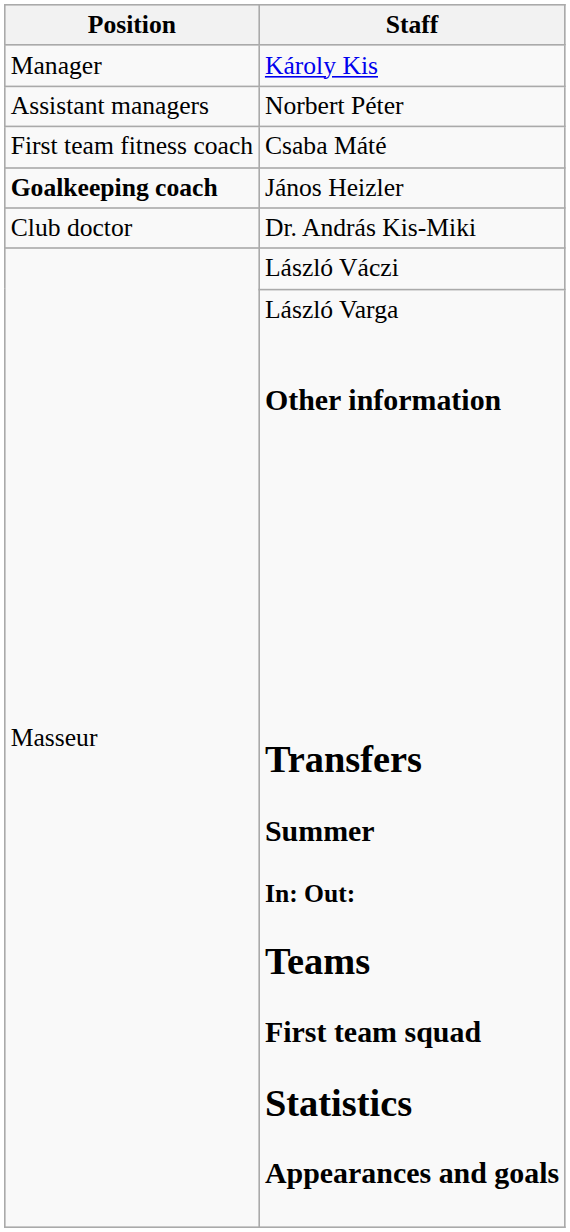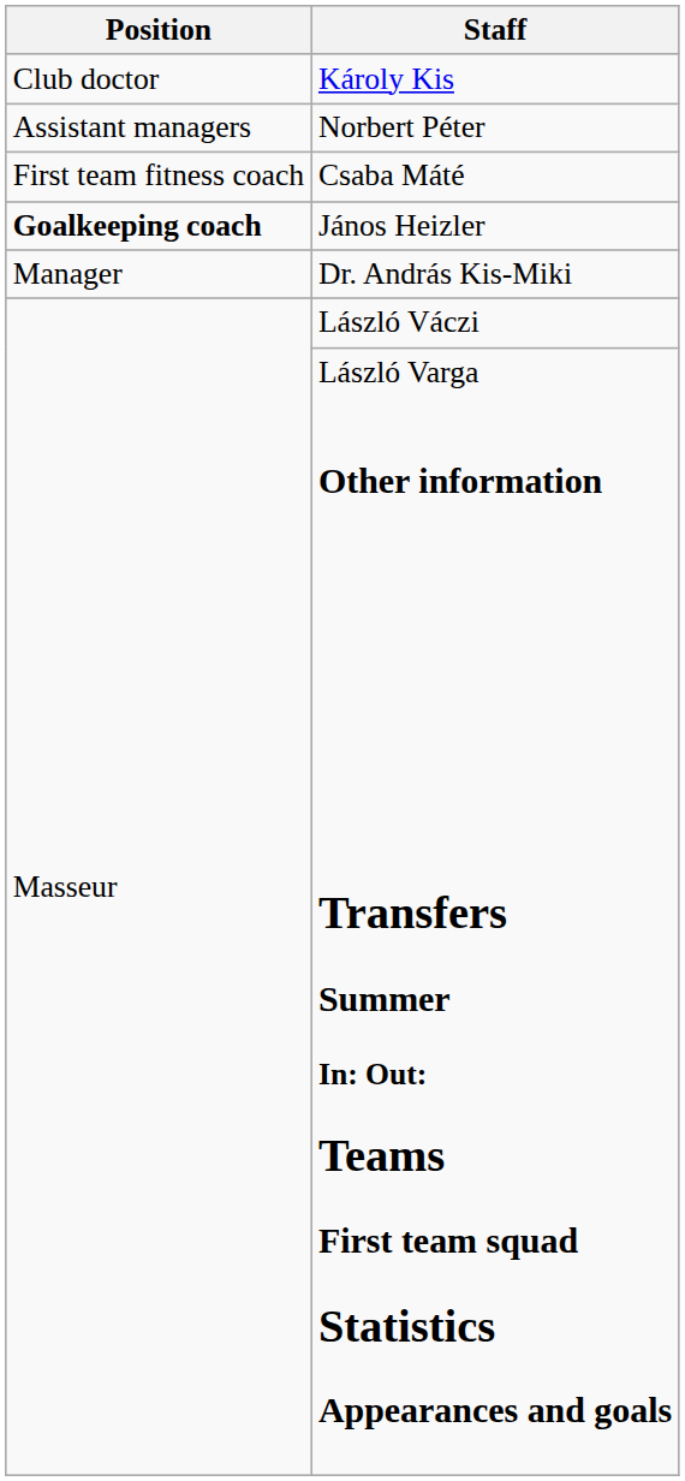 <table class="wikitable">
 <tr>
 <th>Position</th>
 <th>Staff</th>
 </tr>
 <tr>
-<td>Manager</td>
+<td rowspan="1">Club doctor</td>
 <td> <a href='#'>Károly Kis</a></td>
 </tr>
 <tr>
 <td rowspan="1">Assistant managers</td>
 <td> Norbert Péter</td>
 </tr>
 <tr>
 <td>First team fitness coach</td>
 <td> Csaba Máté</td>
 </tr>
 <tr>
 <td><strong>Goalkeeping coach</strong></td>
 <td> János Heizler</td>
 </tr>
 <tr>
-<td rowspan="1">Club doctor</td>
+<td>Manager</td>
 <td> Dr. András Kis-Miki</td>
 </tr>
 <tr>
 <td rowspan="2">Masseur</td>
 <td> László Váczi</td>
 </tr>
 <tr>
 <td> László Varga<br><br><h3>Other information</h3><br><br><br><br><br><br><br><br><br><h2>Transfers</h2><h3>Summer</h3>  <strong>In:</strong>          <strong>Out:</strong>      <h2>Teams</h2><h3>First team squad</h3>                             <h2>Statistics</h2><h3>Appearances and goals</h3>                               </td>
 </tr>
 </table>
